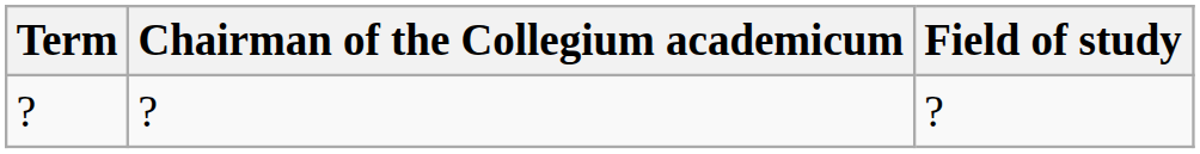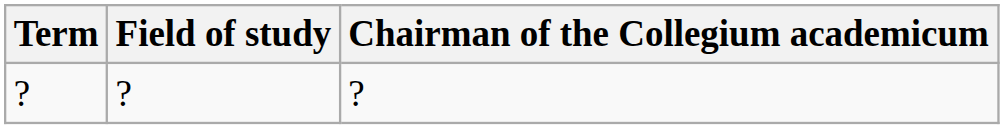 <table class="wikitable">
 <tr>
 <th>Term</th>
+<th>Field of study</th>
 <th>Chairman of the Collegium academicum</th>
-<th>Field of study</th>
 </tr>
 <tr>
 <td>?</td>
 <td>?</td>
 <td>?</td>
 </tr>
 </table>
